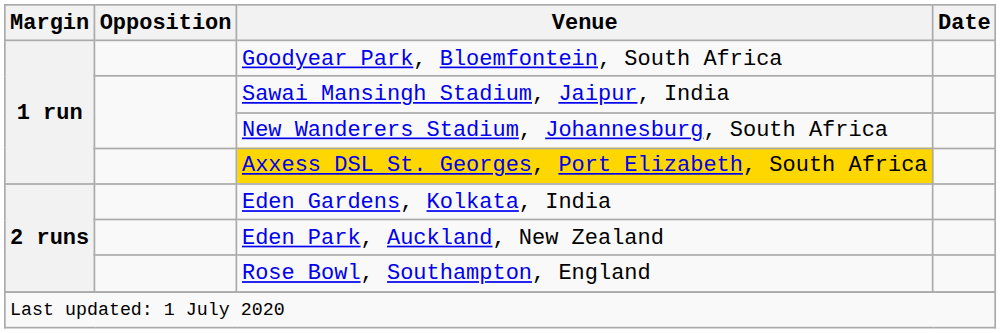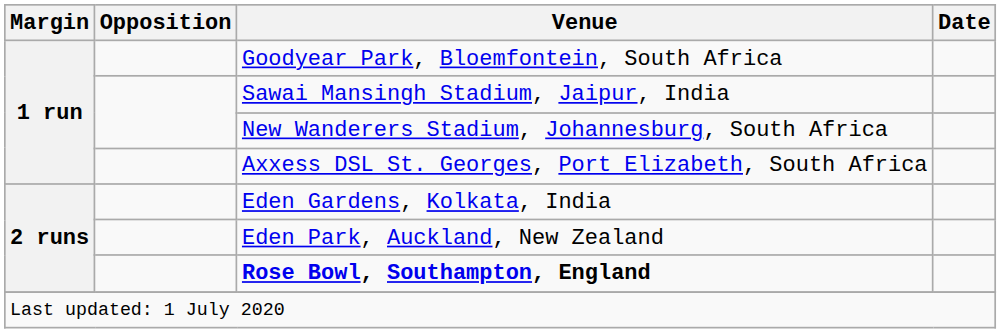 <table class="wikitable plainrowheaders sortable">
 <tr>
 <th scope=col>Margin</th>
 <th scope=col>Opposition</th>
 <th scope=col>Venue</th>
 <th scope=col>Date</th>
 </tr>
 <tr>
 <th scope=row style="text-align:center;" rowspan=4><strong>1 run</strong></th>
 <td></td>
 <td><a href='#'>Goodyear Park</a>, <a href='#'>Bloemfontein</a>, South Africa</td>
 <td></td>
 </tr>
 <tr>
 <td rowspan=2></td>
 <td><a href='#'>Sawai Mansingh Stadium</a>, <a href='#'>Jaipur</a>, India</td>
 <td></td>
 </tr>
 <tr>
 <td><a href='#'>New Wanderers Stadium</a>, <a href='#'>Johannesburg</a>, South Africa</td>
 <td></td>
 </tr>
 <tr>
 <td></td>
-<td style="background: gold;"><a href='#'>Axxess DSL St. Georges</a>, <a href='#'>Port Elizabeth</a>, South Africa</td>
+<td><a href='#'>Axxess DSL St. Georges</a>, <a href='#'>Port Elizabeth</a>, South Africa</td>
 <td></td>
 </tr>
 <tr>
 <th scope=row style=text-align:center; rowspan=3><strong>2 runs</strong></th>
 <td></td>
 <td><a href='#'>Eden Gardens</a>, <a href='#'>Kolkata</a>, India</td>
 <td></td>
 </tr>
 <tr>
 <td></td>
 <td><a href='#'>Eden Park</a>, <a href='#'>Auckland</a>, New Zealand</td>
 <td></td>
 </tr>
 <tr>
 <td></td>
-<td><a href='#'>Rose Bowl</a>, <a href='#'>Southampton</a>, England</td>
+<td><strong><a href='#'>Rose Bowl</a>, <a href='#'>Southampton</a>, England</strong></td>
 <td></td>
 </tr>
 <tr>
 </tr>
 <tr class=sortbottom>
 <td colspan="4"><small>Last updated: 1 July 2020</small></td>
 </tr>
 </table>
